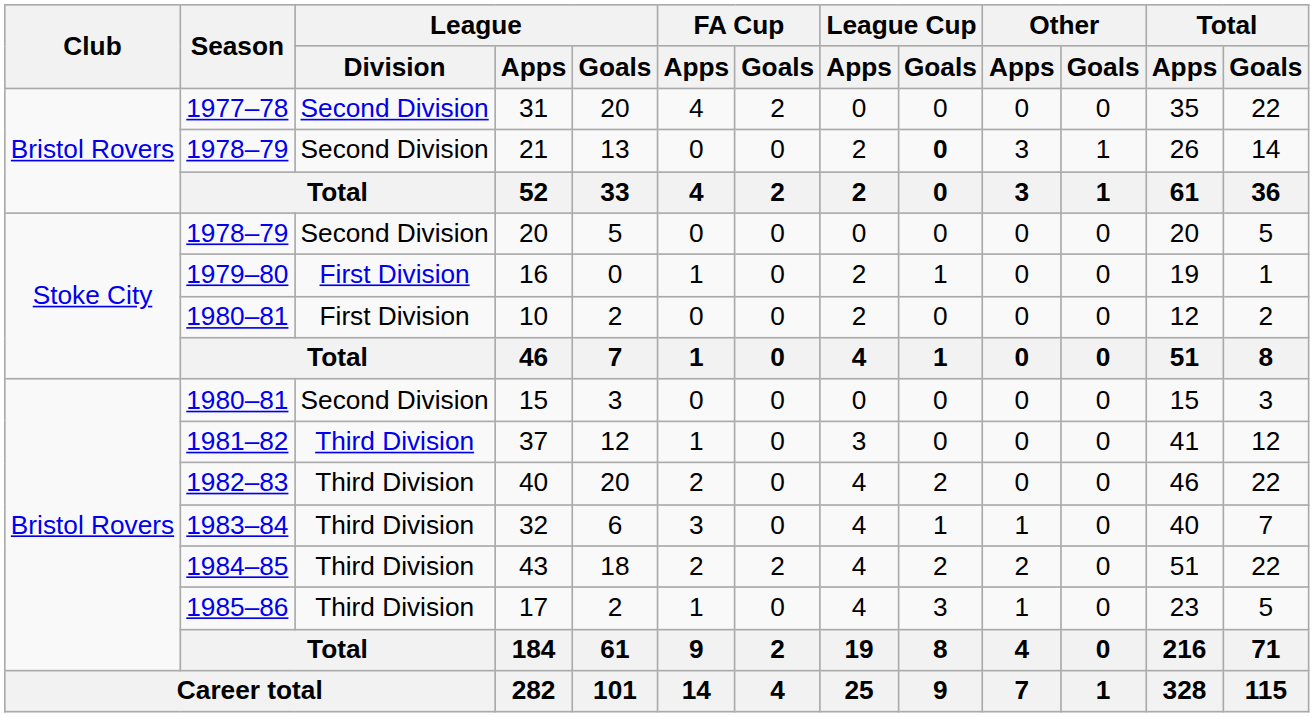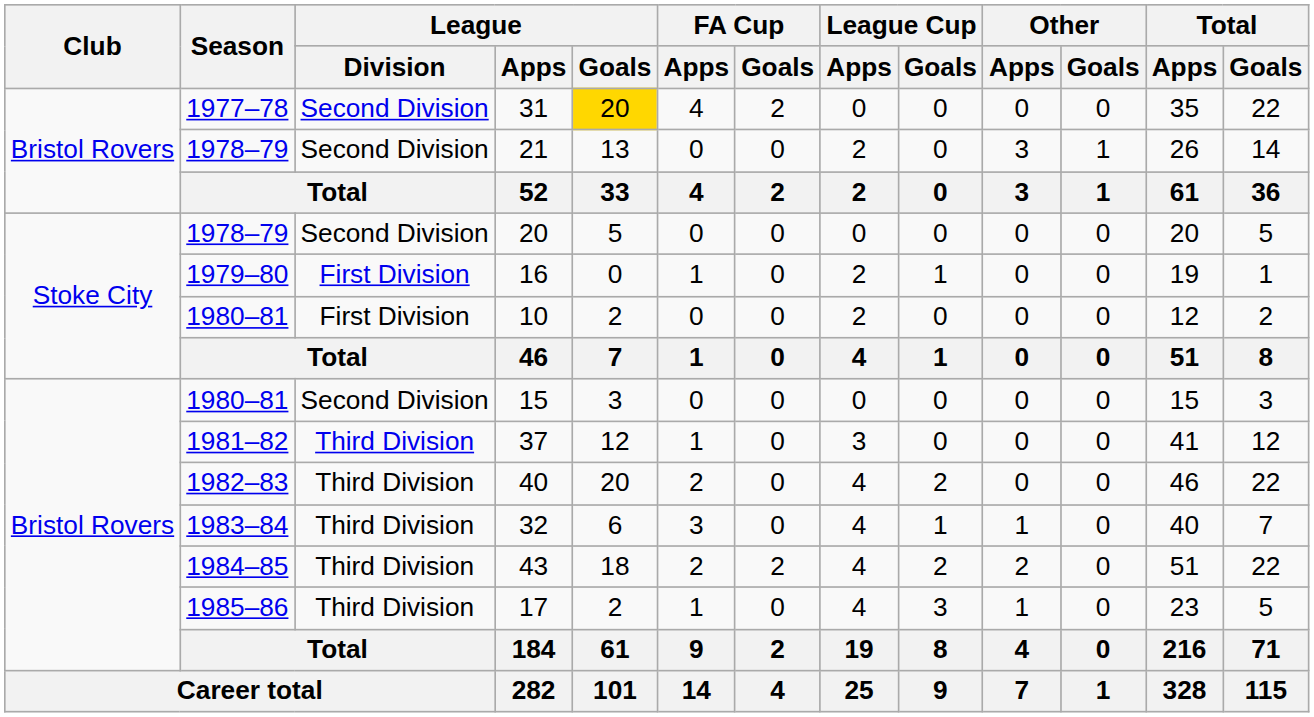 <table class="wikitable" style="text-align: center;">
 <tr>
 <th rowspan="2">Club</th>
 <th rowspan="2">Season</th>
 <th colspan="3">League</th>
 <th colspan="2">FA Cup</th>
 <th colspan="2">League Cup</th>
 <th colspan="2">Other</th>
 <th colspan="2">Total</th>
 </tr>
 <tr>
 <th>Division</th>
 <th>Apps</th>
 <th>Goals</th>
 <th>Apps</th>
 <th>Goals</th>
 <th>Apps</th>
 <th>Goals</th>
 <th>Apps</th>
 <th>Goals</th>
 <th>Apps</th>
 <th>Goals</th>
 </tr>
 <tr>
 <td rowspan="3"><a href='#'>Bristol Rovers</a></td>
 <td><a href='#'>1977–78</a></td>
 <td><a href='#'>Second Division</a></td>
 <td>31</td>
-<td>20</td>
+<td style="background: gold;">20</td>
 <td>4</td>
 <td>2</td>
 <td>0</td>
 <td>0</td>
 <td>0</td>
 <td>0</td>
 <td>35</td>
 <td>22</td>
 </tr>
 <tr>
 <td><a href='#'>1978–79</a></td>
 <td>Second Division</td>
 <td>21</td>
 <td>13</td>
 <td>0</td>
 <td>0</td>
 <td>2</td>
-<td><strong>0</strong></td>
+<td>0</td>
 <td>3</td>
 <td>1</td>
 <td>26</td>
 <td>14</td>
 </tr>
 <tr>
 <th colspan="2">Total</th>
 <th>52</th>
 <th>33</th>
 <th>4</th>
 <th>2</th>
 <th>2</th>
 <th>0</th>
 <th>3</th>
 <th>1</th>
 <th>61</th>
 <th>36</th>
 </tr>
 <tr>
 <td rowspan="4"><a href='#'>Stoke City</a></td>
 <td><a href='#'>1978–79</a></td>
 <td>Second Division</td>
 <td>20</td>
 <td>5</td>
 <td>0</td>
 <td>0</td>
 <td>0</td>
 <td>0</td>
 <td>0</td>
 <td>0</td>
 <td>20</td>
 <td>5</td>
 </tr>
 <tr>
 <td><a href='#'>1979–80</a></td>
 <td><a href='#'>First Division</a></td>
 <td>16</td>
 <td>0</td>
 <td>1</td>
 <td>0</td>
 <td>2</td>
 <td>1</td>
 <td>0</td>
 <td>0</td>
 <td>19</td>
 <td>1</td>
 </tr>
 <tr>
 <td><a href='#'>1980–81</a></td>
 <td>First Division</td>
 <td>10</td>
 <td>2</td>
 <td>0</td>
 <td>0</td>
 <td>2</td>
 <td>0</td>
 <td>0</td>
 <td>0</td>
 <td>12</td>
 <td>2</td>
 </tr>
 <tr>
 <th colspan="2">Total</th>
 <th>46</th>
 <th>7</th>
 <th>1</th>
 <th>0</th>
 <th>4</th>
 <th>1</th>
 <th>0</th>
 <th>0</th>
 <th>51</th>
 <th>8</th>
 </tr>
 <tr>
 <td rowspan="7"><a href='#'>Bristol Rovers</a></td>
 <td><a href='#'>1980–81</a></td>
 <td>Second Division</td>
 <td>15</td>
 <td>3</td>
 <td>0</td>
 <td>0</td>
 <td>0</td>
 <td>0</td>
 <td>0</td>
 <td>0</td>
 <td>15</td>
 <td>3</td>
 </tr>
 <tr>
 <td><a href='#'>1981–82</a></td>
 <td><a href='#'>Third Division</a></td>
 <td>37</td>
 <td>12</td>
 <td>1</td>
 <td>0</td>
 <td>3</td>
 <td>0</td>
 <td>0</td>
 <td>0</td>
 <td>41</td>
 <td>12</td>
 </tr>
 <tr>
 <td><a href='#'>1982–83</a></td>
 <td>Third Division</td>
 <td>40</td>
 <td>20</td>
 <td>2</td>
 <td>0</td>
 <td>4</td>
 <td>2</td>
 <td>0</td>
 <td>0</td>
 <td>46</td>
 <td>22</td>
 </tr>
 <tr>
 <td><a href='#'>1983–84</a></td>
 <td>Third Division</td>
 <td>32</td>
 <td>6</td>
 <td>3</td>
 <td>0</td>
 <td>4</td>
 <td>1</td>
 <td>1</td>
 <td>0</td>
 <td>40</td>
 <td>7</td>
 </tr>
 <tr>
 <td><a href='#'>1984–85</a></td>
 <td>Third Division</td>
 <td>43</td>
 <td>18</td>
 <td>2</td>
 <td>2</td>
 <td>4</td>
 <td>2</td>
 <td>2</td>
 <td>0</td>
 <td>51</td>
 <td>22</td>
 </tr>
 <tr>
 <td><a href='#'>1985–86</a></td>
 <td>Third Division</td>
 <td>17</td>
 <td>2</td>
 <td>1</td>
 <td>0</td>
 <td>4</td>
 <td>3</td>
 <td>1</td>
 <td>0</td>
 <td>23</td>
 <td>5</td>
 </tr>
 <tr>
 <th colspan="2">Total</th>
 <th>184</th>
 <th>61</th>
 <th>9</th>
 <th>2</th>
 <th>19</th>
 <th>8</th>
 <th>4</th>
 <th>0</th>
 <th>216</th>
 <th>71</th>
 </tr>
 <tr>
 <th colspan="3">Career total</th>
 <th>282</th>
 <th>101</th>
 <th>14</th>
 <th>4</th>
 <th>25</th>
 <th>9</th>
 <th>7</th>
 <th>1</th>
 <th>328</th>
 <th>115</th>
 </tr>
 </table>
